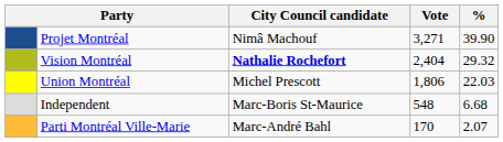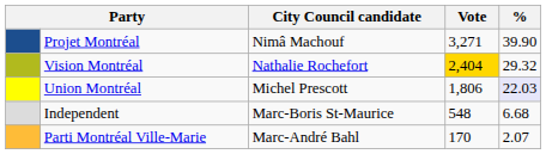 <table class="wikitable">
 <tr>
 <th style="background:#dddff;" width="250px" colspan="2">Party</th>
 <th style="background:#dddff;" width="200px">City Council candidate</th>
 <th style="background:#dddff;" width="50px">Vote</th>
 <th style="background:#dddff;" width="30px">%</th>
 </tr>
 <tr>
 <td style="background:#1c4e8e" width="30px"> </td>
 <td><a href='#'>Projet Montréal</a></td>
 <td>Nimâ Machouf</td>
 <td>3,271</td>
 <td>39.90</td>
 </tr>
 <tr>
 <td style="background:#b1ba1e" width="30px"> </td>
 <td><a href='#'>Vision Montréal</a></td>
-<td><strong><a href='#'>Nathalie Rochefort</a></strong></td>
-<td>2,404</td>
+<td><a href='#'>Nathalie Rochefort</a></td>
+<td style="background: gold;">2,404</td>
 <td>29.32</td>
 </tr>
 <tr>
 <td style="background:#ffff00" width="30px"> </td>
 <td><a href='#'>Union Montréal</a></td>
 <td>Michel Prescott</td>
 <td>1,806</td>
-<td>22.03</td>
+<td style="background: lavender;">22.03</td>
 </tr>
 <tr>
 <td style="background:gainsboro" width="30px"> </td>
 <td>Independent</td>
 <td>Marc-Boris St-Maurice</td>
 <td>548</td>
 <td>6.68</td>
 </tr>
 <tr>
 <td style="background:#febc38" width="30px"> </td>
 <td><a href='#'>Parti Montréal Ville-Marie</a></td>
 <td>Marc-André Bahl</td>
 <td>170</td>
 <td>2.07</td>
 </tr>
 </table>
